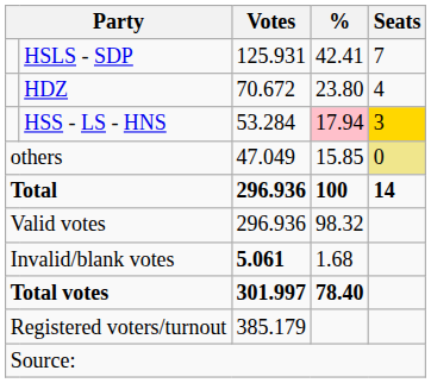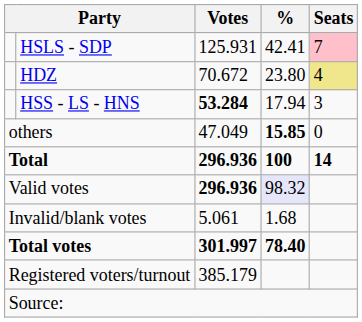 <table class="wikitable" style="text-align: left;">
 <tr>
 <th colspan="2">Party</th>
 <th>Votes</th>
 <th>%</th>
 <th>Seats</th>
 </tr>
 <tr>
 <td style="background-color: "></td>
 <td><a href='#'>HSLS</a> - <a href='#'>SDP</a></td>
 <td>125.931</td>
 <td>42.41</td>
-<td>7</td>
+<td style="background: pink;">7</td>
 </tr>
 <tr>
 <td style="background-color: "></td>
 <td><a href='#'>HDZ</a></td>
 <td>70.672</td>
 <td>23.80</td>
-<td>4</td>
+<td style="background: khaki;">4</td>
 </tr>
 <tr>
 <td style="background-color: "></td>
 <td><a href='#'>HSS</a> - <a href='#'>LS</a> - <a href='#'>HNS</a></td>
-<td>53.284</td>
-<td style="background: pink;">17.94</td>
-<td style="background: gold;">3</td>
+<td><strong>53.284</strong></td>
+<td>17.94</td>
+<td>3</td>
 </tr>
 <tr>
 <td colspan="2">others</td>
 <td>47.049</td>
-<td>15.85</td>
-<td style="background: khaki;">0</td>
+<td><strong>15.85</strong></td>
+<td>0</td>
 </tr>
 <tr>
 <td colspan="2"><strong>Total</strong></td>
 <td><strong>296.936</strong></td>
 <td><strong>100</strong></td>
 <td><strong>14</strong></td>
 </tr>
 <tr>
 <td colspan="2">Valid votes</td>
-<td>296.936</td>
-<td>98.32</td>
+<td><strong>296.936</strong></td>
+<td style="background: lavender;">98.32</td>
 <td></td>
 </tr>
 <tr>
 <td colspan="2">Invalid/blank votes</td>
-<td><strong>5.061</strong></td>
+<td>5.061</td>
 <td>1.68</td>
 <td></td>
 </tr>
 <tr>
 <td colspan="2"><strong>Total votes</strong></td>
 <td><strong>301.997</strong></td>
 <td><strong>78.40</strong></td>
 <td></td>
 </tr>
 <tr>
 <td colspan="2">Registered voters/turnout</td>
 <td votes14="5343">385.179</td>
 <td></td>
 <td></td>
 </tr>
 <tr>
 <td colspan="5">Source: </td>
 </tr>
 </table>
